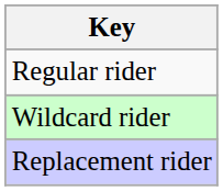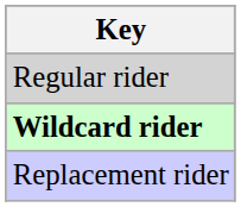 <table class="wikitable" style="font-size: 85%;">
 <tr>
 <th colspan=2>Key</th>
 </tr>
 <tr>
-<td>Regular rider</td>
+<td style="background: lightgrey;">Regular rider</td>
 </tr>
 <tr style="background:#CCFFCC;">
-<td>Wildcard rider</td>
+<td><strong>Wildcard rider</strong></td>
 </tr>
 <tr style="background:#CCCCFF;">
 <td>Replacement rider</td>
 </tr>
 </table>
